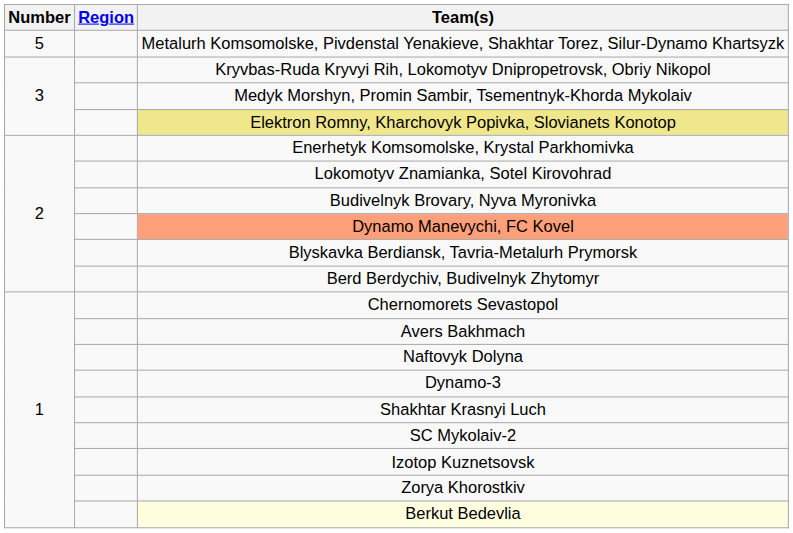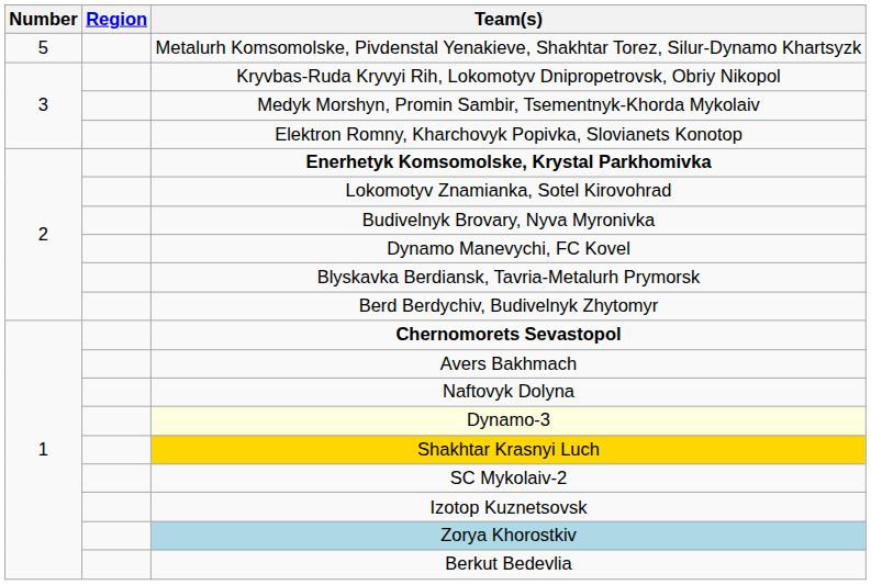 <table class="wikitable" style="text-align:center">
 <tr>
 <th>Number</th>
 <th><a href='#'>Region</a></th>
 <th>Team(s)</th>
 </tr>
 <tr>
 <td rowspan="1">5</td>
 <td align="left"></td>
 <td>Metalurh Komsomolske, Pivdenstal Yenakieve, Shakhtar Torez, Silur-Dynamo Khartsyzk</td>
 </tr>
 <tr>
 <td rowspan="3">3</td>
 <td align="left"></td>
 <td>Kryvbas-Ruda Kryvyi Rih, Lokomotyv Dnipropetrovsk, Obriy Nikopol</td>
 </tr>
 <tr>
 <td align="left"></td>
 <td>Medyk Morshyn, Promin Sambir, Tsementnyk-Khorda Mykolaiv</td>
 </tr>
 <tr>
 <td align="left"></td>
-<td style="background: khaki;">Elektron Romny, Kharchovyk Popivka, Slovianets Konotop</td>
+<td>Elektron Romny, Kharchovyk Popivka, Slovianets Konotop</td>
 </tr>
 <tr>
 <td rowspan="6">2</td>
 <td align="left"></td>
-<td>Enerhetyk Komsomolske, Krystal Parkhomivka</td>
+<td><strong>Enerhetyk Komsomolske, Krystal Parkhomivka</strong></td>
 </tr>
 <tr>
 <td align="left"></td>
 <td>Lokomotyv Znamianka, Sotel Kirovohrad</td>
 </tr>
 <tr>
 <td align="left"></td>
 <td>Budivelnyk Brovary, Nyva Myronivka</td>
 </tr>
 <tr>
 <td align="left"></td>
-<td style="background: lightsalmon;">Dynamo Manevychi, FC Kovel</td>
+<td>Dynamo Manevychi, FC Kovel</td>
 </tr>
 <tr>
 <td align="left"></td>
 <td>Blyskavka Berdiansk, Tavria-Metalurh Prymorsk</td>
 </tr>
 <tr>
 <td align="left"></td>
 <td>Berd Berdychiv, Budivelnyk Zhytomyr</td>
 </tr>
 <tr>
 <td rowspan="16">1</td>
 <td align="left"></td>
-<td>Chernomorets Sevastopol</td>
+<td><strong>Chernomorets Sevastopol</strong></td>
 </tr>
 <tr>
 <td align="left"></td>
 <td>Avers Bakhmach</td>
 </tr>
 <tr>
 <td align="left"></td>
 <td>Naftovyk Dolyna</td>
 </tr>
 <tr>
 <td align="left"></td>
-<td>Dynamo-3</td>
+<td style="background: lightyellow;">Dynamo-3</td>
 </tr>
 <tr>
 <td align="left"></td>
-<td>Shakhtar Krasnyi Luch</td>
+<td style="background: gold;">Shakhtar Krasnyi Luch</td>
 </tr>
 <tr>
 <td align="left"></td>
 <td>SC Mykolaiv-2</td>
 </tr>
 <tr>
 <td align="left"></td>
 <td>Izotop Kuznetsovsk</td>
 </tr>
 <tr>
 <td align="left"></td>
-<td>Zorya Khorostkiv</td>
+<td style="background: lightblue;">Zorya Khorostkiv</td>
 </tr>
 <tr>
 <td align="left"></td>
-<td style="background: lightyellow;">Berkut Bedevlia</td>
+<td>Berkut Bedevlia</td>
 </tr>
 </table>
